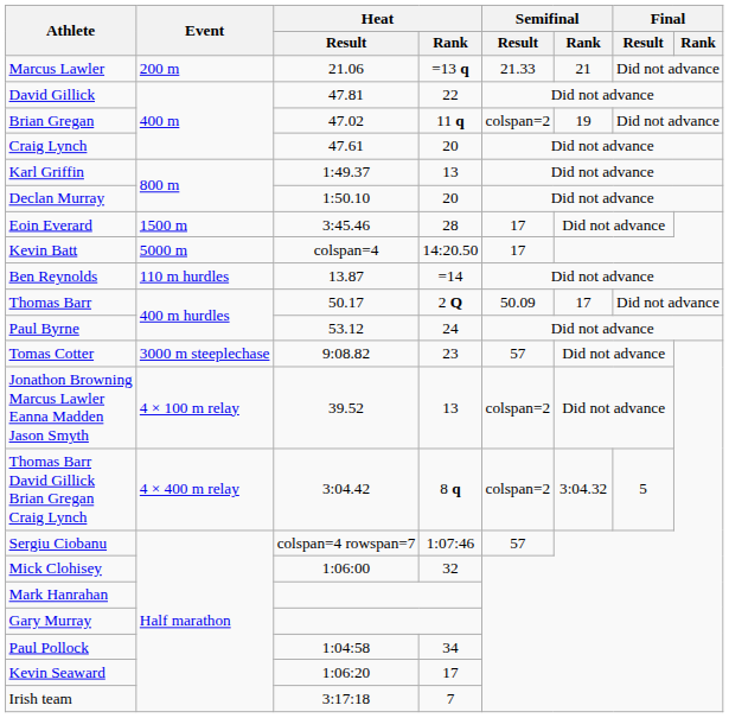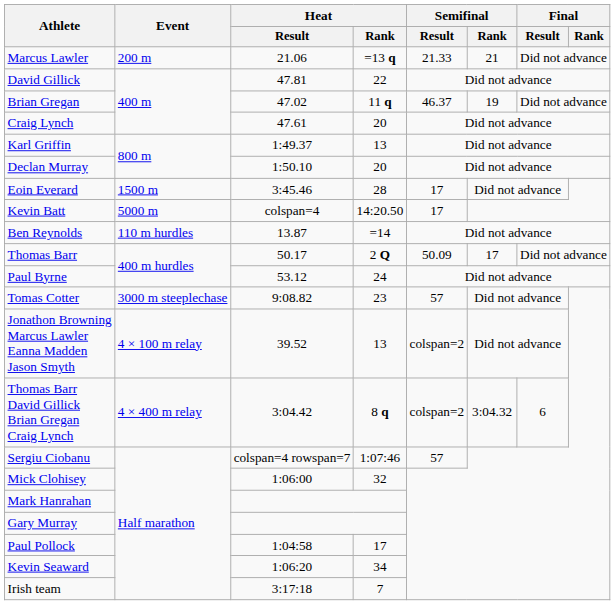 <table class="wikitable" style="font-size:90%">
 <tr>
 <th rowspan=2>Athlete</th>
 <th rowspan=2>Event</th>
 <th colspan=2>Heat</th>
 <th colspan=2>Semifinal</th>
 <th colspan=2>Final</th>
 </tr>
 <tr style="font-size:95%">
 <th>Result</th>
 <th>Rank</th>
 <th>Result</th>
 <th>Rank</th>
 <th>Result</th>
 <th>Rank</th>
 </tr>
 <tr align=center>
 <td align=left><a href='#'>Marcus Lawler</a></td>
 <td style="text-align:left;"><a href='#'>200 m</a></td>
 <td>21.06</td>
 <td>=13 <strong>q</strong></td>
 <td>21.33</td>
 <td>21</td>
 <td colspan=2>Did not advance</td>
 </tr>
 <tr align=center>
 <td align=left><a href='#'>David Gillick</a></td>
 <td style="text-align:left;" rowspan=3><a href='#'>400 m</a></td>
 <td>47.81</td>
 <td>22</td>
 <td colspan=4>Did not advance</td>
 </tr>
 <tr align=center>
 <td align=left><a href='#'>Brian Gregan</a></td>
 <td>47.02</td>
 <td>11 <strong>q</strong></td>
-<td>colspan=2 </td>
+<td>46.37</td>
 <td>19</td>
 <td colspan=2>Did not advance</td>
 </tr>
 <tr align=center>
 <td align=left><a href='#'>Craig Lynch</a></td>
 <td>47.61</td>
 <td>20</td>
 <td colspan=4>Did not advance</td>
 </tr>
 <tr align=center>
 <td align=left><a href='#'>Karl Griffin</a></td>
 <td style="text-align:left;" rowspan=2><a href='#'>800 m</a></td>
 <td>1:49.37 <strong></strong></td>
 <td>13</td>
 <td colspan=4>Did not advance</td>
 </tr>
 <tr align=center>
 <td align=left><a href='#'>Declan Murray</a></td>
 <td>1:50.10</td>
 <td>20</td>
 <td colspan=4>Did not advance</td>
 </tr>
 <tr align=center>
 <td align=left><a href='#'>Eoin Everard</a></td>
 <td style="text-align:left;"><a href='#'>1500 m</a></td>
 <td>3:45.46</td>
 <td>28</td>
 <td>17</td>
 <td colspan=2>Did not advance</td>
 </tr>
 <tr align=center>
 <td align=left><a href='#'>Kevin Batt</a></td>
 <td style="text-align:left;"><a href='#'>5000 m</a></td>
 <td>colspan=4 </td>
 <td>14:20.50</td>
 <td>17</td>
 </tr>
 <tr align=center>
 <td align=left><a href='#'>Ben Reynolds</a></td>
 <td style="text-align:left;"><a href='#'>110 m hurdles</a></td>
 <td>13.87</td>
 <td>=14</td>
 <td colspan=4>Did not advance</td>
 </tr>
 <tr align=center>
 <td align=left><a href='#'>Thomas Barr</a></td>
 <td style="text-align:left;" rowspan=2><a href='#'>400 m hurdles</a></td>
 <td>50.17 <strong></strong></td>
 <td>2 <strong>Q</strong></td>
 <td>50.09 <strong></strong></td>
 <td>17</td>
 <td colspan=2>Did not advance</td>
 </tr>
 <tr align=center>
 <td align=left><a href='#'>Paul Byrne</a></td>
 <td>53.12</td>
 <td>24</td>
 <td colspan=4>Did not advance</td>
 </tr>
 <tr align=center>
 <td align=left><a href='#'>Tomas Cotter</a></td>
 <td style="text-align:left;"><a href='#'>3000 m steeplechase</a></td>
 <td>9:08.82</td>
 <td>23</td>
 <td>57</td>
 <td colspan=2>Did not advance</td>
 </tr>
 <tr align=center>
 <td align=left><a href='#'>Jonathon Browning</a><br><a href='#'>Marcus Lawler</a><br><a href='#'>Eanna Madden</a><br><a href='#'>Jason Smyth</a></td>
 <td style="text-align:left;"><a href='#'>4 × 100 m relay</a></td>
 <td>39.52 <strong></strong></td>
 <td>13</td>
 <td>colspan=2 </td>
 <td colspan=2>Did not advance</td>
 </tr>
 <tr align=center>
 <td align=left><a href='#'>Thomas Barr</a><br><a href='#'>David Gillick</a><br><a href='#'>Brian Gregan</a><br><a href='#'>Craig Lynch</a></td>
 <td style="text-align:left;"><a href='#'>4 × 400 m relay</a></td>
 <td>3:04.42</td>
 <td>8 <strong>q</strong></td>
 <td>colspan=2 </td>
 <td>3:04.32 <strong></strong></td>
-<td>5</td>
+<td>6</td>
 </tr>
 <tr align=center>
 <td align=left><a href='#'>Sergiu Ciobanu</a></td>
 <td style="text-align:left;" rowspan=7><a href='#'>Half marathon</a></td>
 <td>colspan=4 rowspan=7 </td>
 <td>1:07:46</td>
 <td>57</td>
 </tr>
 <tr align=center>
 <td align=left><a href='#'>Mick Clohisey</a></td>
 <td>1:06:00</td>
 <td>32</td>
 </tr>
 <tr align=center>
 <td align=left><a href='#'>Mark Hanrahan</a></td>
 <td colspan=2></td>
 </tr>
 <tr align=center>
 <td align=left><a href='#'>Gary Murray</a></td>
 <td colspan=2></td>
 </tr>
 <tr align=center>
 <td align=left><a href='#'>Paul Pollock</a></td>
 <td>1:04:58</td>
-<td>34</td>
+<td>17</td>
 </tr>
 <tr align=center>
 <td align=left><a href='#'>Kevin Seaward</a></td>
 <td>1:06:20</td>
-<td>17</td>
+<td>34</td>
 </tr>
 <tr align=center>
 <td align=left>Irish team</td>
 <td>3:17:18</td>
 <td>7</td>
 </tr>
 </table>
